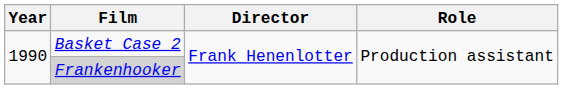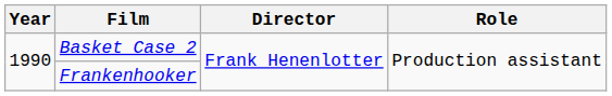 <table class="wikitable">
 <tr>
 <th>Year</th>
 <th>Film</th>
 <th>Director</th>
 <th>Role</th>
 </tr>
 <tr>
 <td rowspan=2>1990</td>
 <td><em><a href='#'>Basket Case 2</a></em></td>
 <td rowspan=2><a href='#'>Frank Henenlotter</a></td>
 <td rowspan=2>Production assistant</td>
 </tr>
 <tr>
-<td style="background: lightgrey;"><em><a href='#'>Frankenhooker</a></em></td>
+<td><em><a href='#'>Frankenhooker</a></em></td>
 </tr>
 </table>
